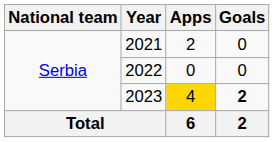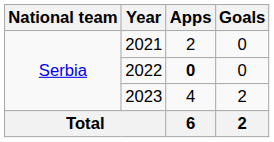 <table class="wikitable" style="text-align:center">
 <tr>
 <th>National team</th>
 <th>Year</th>
 <th>Apps</th>
 <th>Goals</th>
 </tr>
 <tr>
 <td rowspan="3"><a href='#'>Serbia</a></td>
 <td>2021</td>
 <td>2</td>
 <td>0</td>
 </tr>
 <tr>
 <td>2022</td>
-<td>0</td>
+<td><strong>0</strong></td>
 <td>0</td>
 </tr>
 <tr>
 <td>2023</td>
-<td style="background: gold;">4</td>
-<td><strong>2</strong></td>
+<td>4</td>
+<td>2</td>
 </tr>
 <tr>
 <th colspan="2">Total</th>
 <th>6</th>
 <th>2</th>
 </tr>
 </table>
